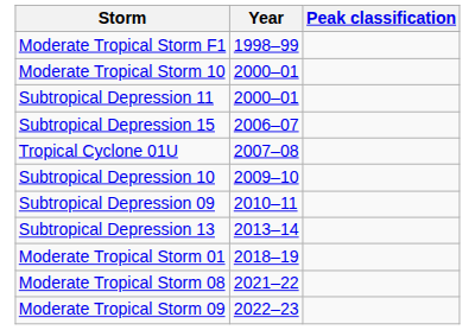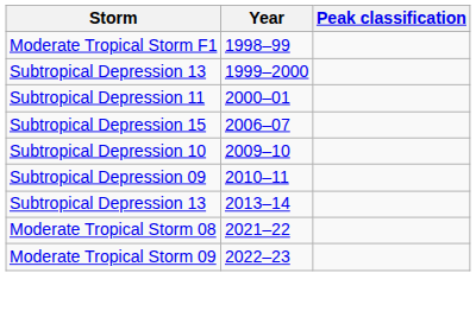 <table class="wikitable sortable" style="margin:auto;">
 <tr>
 <th>Storm</th>
 <th>Year</th>
 <th><a href='#'>Peak classification</a></th>
 </tr>
 <tr>
 <td><a href='#'>Moderate Tropical Storm F1</a></td>
 <td><a href='#'>1998–99</a></td>
 <td></td>
 </tr>
 <tr>
-<td><a href='#'>Moderate Tropical Storm 10</a></td>
-<td><a href='#'>2000–01</a></td>
+<td><a href='#'>Subtropical Depression 13</a></td>
+<td><a href='#'>1999–2000</a></td>
 <td></td>
 </tr>
 <tr>
 <td><a href='#'>Subtropical Depression 11</a></td>
 <td><a href='#'>2000–01</a></td>
 <td></td>
 </tr>
 <tr>
 <td><a href='#'>Subtropical Depression 15</a></td>
 <td><a href='#'>2006–07</a></td>
-<td></td>
-</tr>
-<tr>
-<td><a href='#'>Tropical Cyclone 01U</a></td>
-<td><a href='#'>2007–08</a></td>
 <td></td>
 </tr>
 <tr>
 <td><a href='#'>Subtropical Depression 10</a></td>
 <td><a href='#'>2009–10</a></td>
 <td></td>
 </tr>
 <tr>
 <td><a href='#'>Subtropical Depression 09</a></td>
 <td><a href='#'>2010–11</a></td>
 <td></td>
 </tr>
 <tr>
 <td><a href='#'>Subtropical Depression 13</a></td>
 <td><a href='#'>2013–14</a></td>
 <td></td>
 </tr>
 <tr>
-<td><a href='#'>Moderate Tropical Storm 01</a></td>
-<td><a href='#'>2018–19</a></td>
-<td></td>
-</tr>
-<tr>
 <td><a href='#'>Moderate Tropical Storm 08</a></td>
 <td><a href='#'>2021–22</a></td>
 <td></td>
 </tr>
 <tr>
 <td><a href='#'>Moderate Tropical Storm 09</a></td>
 <td><a href='#'>2022–23</a></td>
 <td></td>
 </tr>
 </table>
